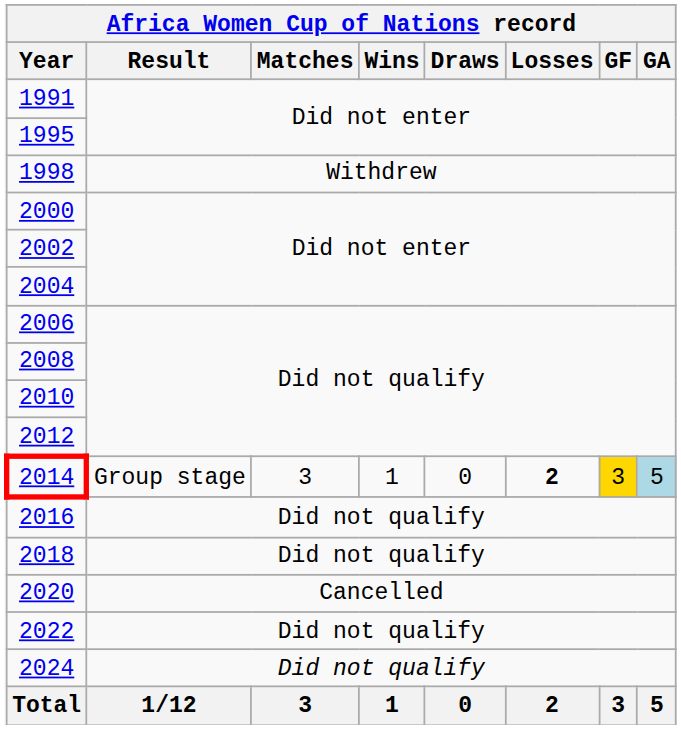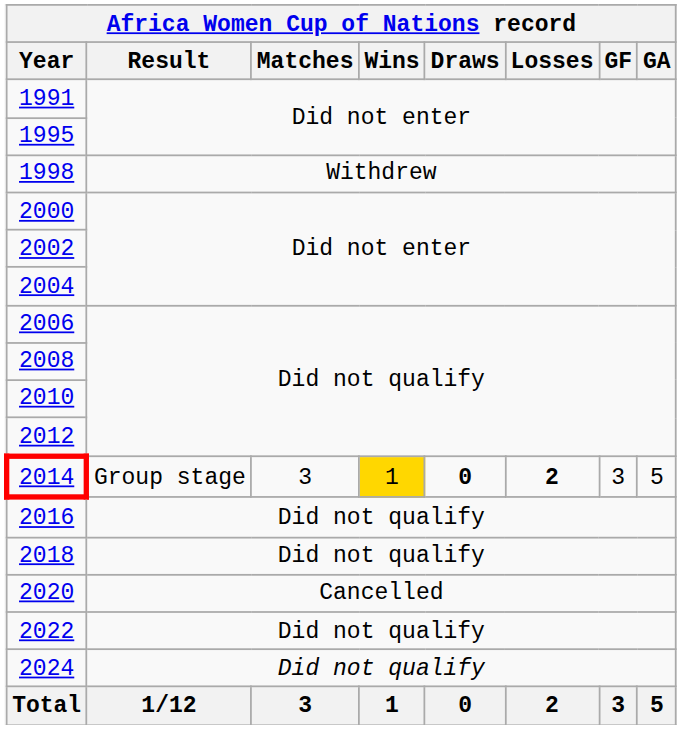 <table class="wikitable" style="text-align: center;">
 <tr>
 <th colspan=8><a href='#'>Africa Women Cup of Nations</a> record</th>
 </tr>
 <tr>
 <th>Year</th>
 <th>Result</th>
 <th>Matches</th>
 <th>Wins</th>
 <th>Draws</th>
 <th>Losses</th>
 <th>GF</th>
 <th>GA</th>
 </tr>
 <tr>
 <td><a href='#'>1991</a></td>
 <td colspan=8 rowspan=2>Did not enter</td>
 </tr>
 <tr>
 <td><a href='#'>1995</a></td>
 </tr>
 <tr>
 <td> <a href='#'>1998</a></td>
 <td colspan=8>Withdrew</td>
 </tr>
 <tr>
 <td> <a href='#'>2000</a></td>
 <td colspan=8 rowspan=3>Did not enter</td>
 </tr>
 <tr>
 <td> <a href='#'>2002</a></td>
 </tr>
 <tr>
 <td> <a href='#'>2004</a></td>
 </tr>
 <tr>
 <td> <a href='#'>2006</a></td>
 <td colspan=8 rowspan=4>Did not qualify</td>
 </tr>
 <tr>
 <td> <a href='#'>2008</a></td>
 </tr>
 <tr>
 <td> <a href='#'>2010</a></td>
 </tr>
 <tr>
 <td> <a href='#'>2012</a></td>
 </tr>
 <tr>
 <td style="border: 3px solid red"> <a href='#'>2014</a></td>
 <td>Group stage</td>
 <td>3</td>
-<td>1</td>
-<td>0</td>
+<td style="background: gold;">1</td>
+<td><strong>0</strong></td>
 <td><strong>2</strong></td>
-<td style="background: gold;">3</td>
-<td style="background: lightblue;">5</td>
+<td>3</td>
+<td>5</td>
 </tr>
 <tr>
 <td> <a href='#'>2016</a></td>
 <td colspan=8>Did not qualify</td>
 </tr>
 <tr>
 <td> <a href='#'>2018</a></td>
 <td colspan=8>Did not qualify</td>
 </tr>
 <tr>
 <td> <a href='#'>2020</a></td>
 <td colspan=8>Cancelled</td>
 </tr>
 <tr>
 <td> <a href='#'>2022</a></td>
 <td colspan=8>Did not qualify</td>
 </tr>
 <tr>
 <td> <a href='#'>2024</a></td>
 <td colspan=8><em>Did not qualify</em></td>
 </tr>
 <tr>
 <th>Total</th>
 <th>1/12</th>
 <th>3</th>
 <th>1</th>
 <th>0</th>
 <th>2</th>
 <th>3</th>
 <th>5</th>
 </tr>
 </table>
